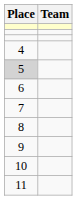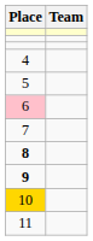 <table class="wikitable">
 <tr>
 <th>Place</th>
 <th>Team</th>
 </tr>
 <tr bgcolor=#ffffcc>
 <td align=center></td>
 <td></td>
 </tr>
 <tr>
 <td align=center></td>
 <td></td>
 </tr>
 <tr>
 <td align=center></td>
 <td></td>
 </tr>
 <tr>
 <td align=center>4</td>
 <td></td>
 </tr>
 <tr>
-<td align=center style="background: lightgrey;">5</td>
+<td align=center>5</td>
 <td></td>
 </tr>
 <tr>
-<td align=center>6</td>
+<td align=center style="background: pink;">6</td>
 <td></td>
 </tr>
 <tr>
 <td align=center>7</td>
 <td></td>
 </tr>
 <tr>
-<td align=center>8</td>
+<td align=center><strong>8</strong></td>
 <td></td>
 </tr>
 <tr>
-<td align=center>9</td>
+<td align=center><strong>9</strong></td>
 <td></td>
 </tr>
 <tr>
-<td align=center>10</td>
+<td align=center style="background: gold;">10</td>
 <td></td>
 </tr>
 <tr>
 <td align=center>11</td>
 <td></td>
 </tr>
 </table>
